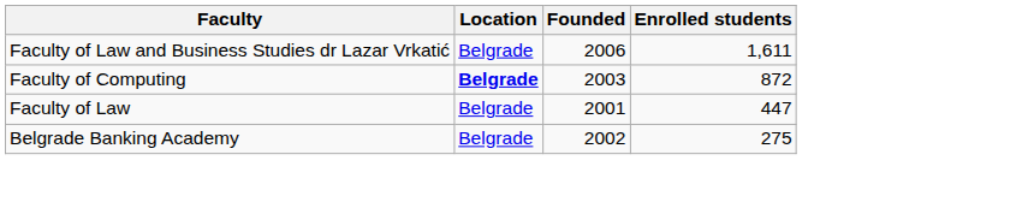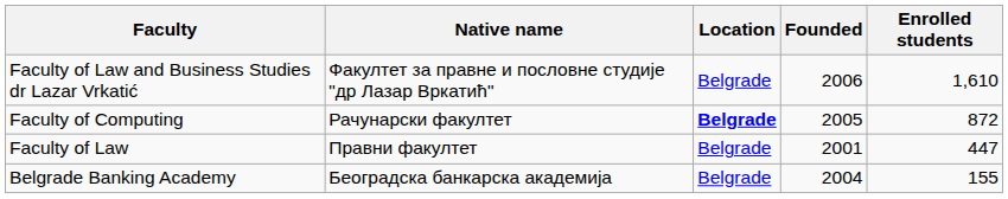 <table class="wikitable sortable">
 <tr>
 <th>Faculty</th>
+<th>Native name</th>
 <th>Location</th>
 <th>Founded</th>
 <th>Enrolled students</th>
 </tr>
 <tr>
 <td>Faculty of Law and Business Studies dr Lazar Vrkatić</td>
+<td>Факултет за правне и пословне студије "др Лазар Вркатић"</td>
 <td><a href='#'>Belgrade</a></td>
 <td style="text-align:right">2006</td>
-<td style="text-align:right">1,611</td>
+<td style="text-align:right">1,610</td>
 </tr>
 <tr>
 <td>Faculty of Computing</td>
+<td>Рачунарски факултет</td>
 <td><strong><a href='#'>Belgrade</a></strong></td>
-<td style="text-align:right">2003</td>
+<td style="text-align:right">2005</td>
 <td style="text-align:right">872</td>
 </tr>
 <tr>
 <td>Faculty of Law</td>
+<td>Правни факултет</td>
 <td><a href='#'>Belgrade</a></td>
 <td style="text-align:right">2001</td>
 <td style="text-align:right">447</td>
 </tr>
 <tr>
 <td>Belgrade Banking Academy</td>
+<td>Београдска банкарска академија</td>
 <td><a href='#'>Belgrade</a></td>
-<td style="text-align:right">2002</td>
-<td style="text-align:right">275</td>
+<td style="text-align:right">2004</td>
+<td style="text-align:right">155</td>
 </tr>
 </table>
